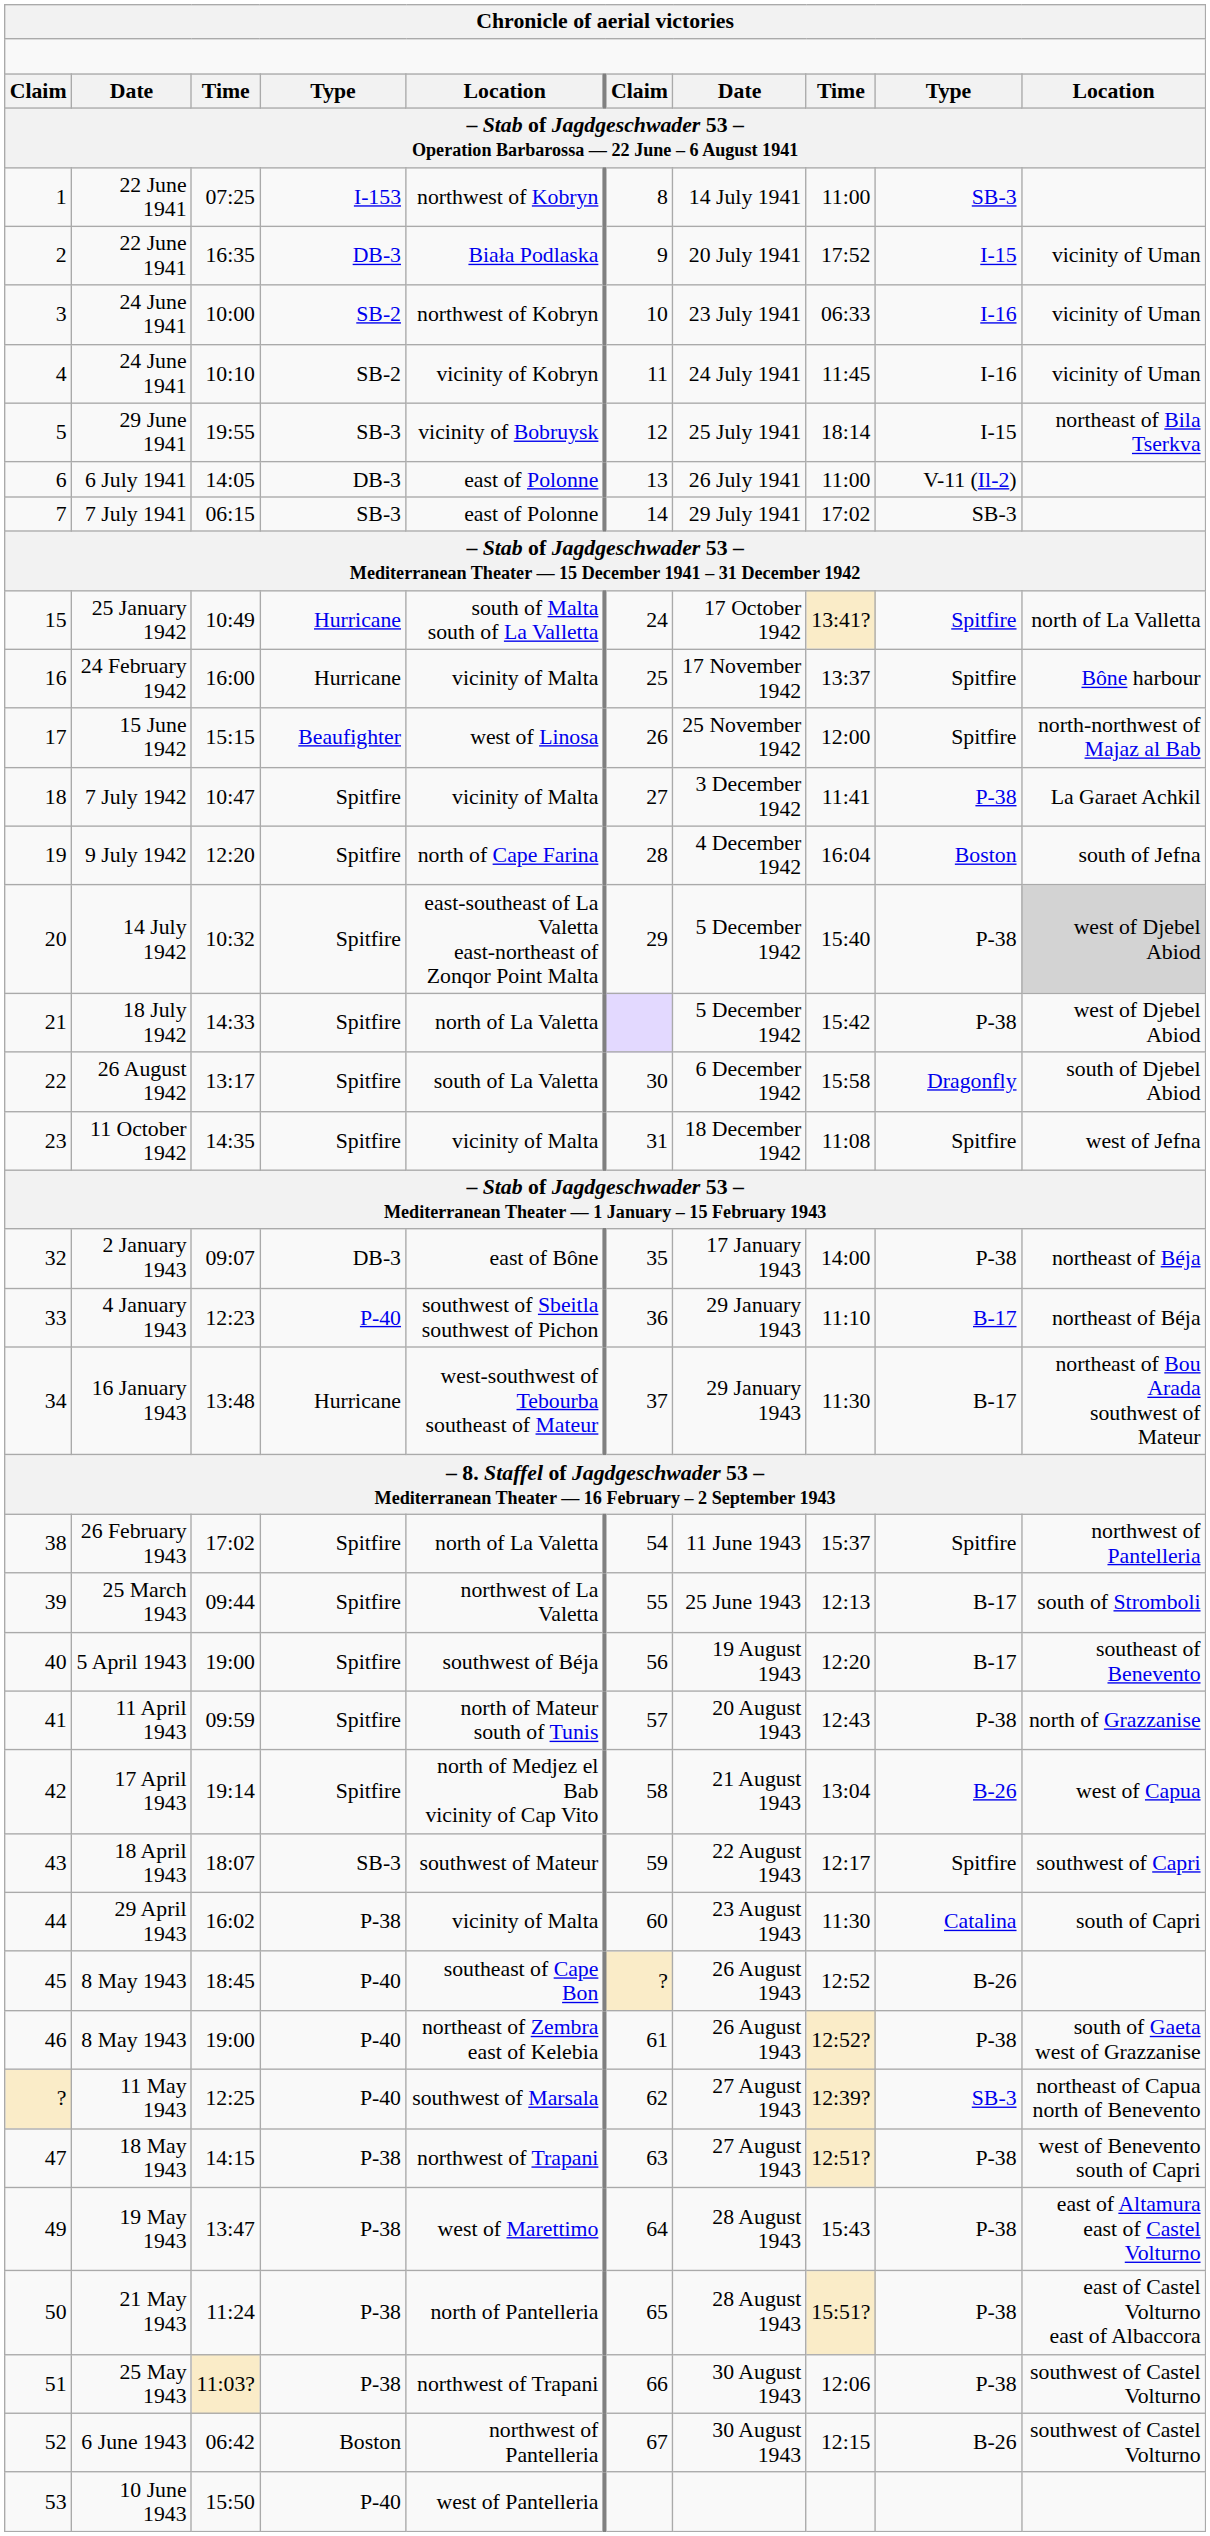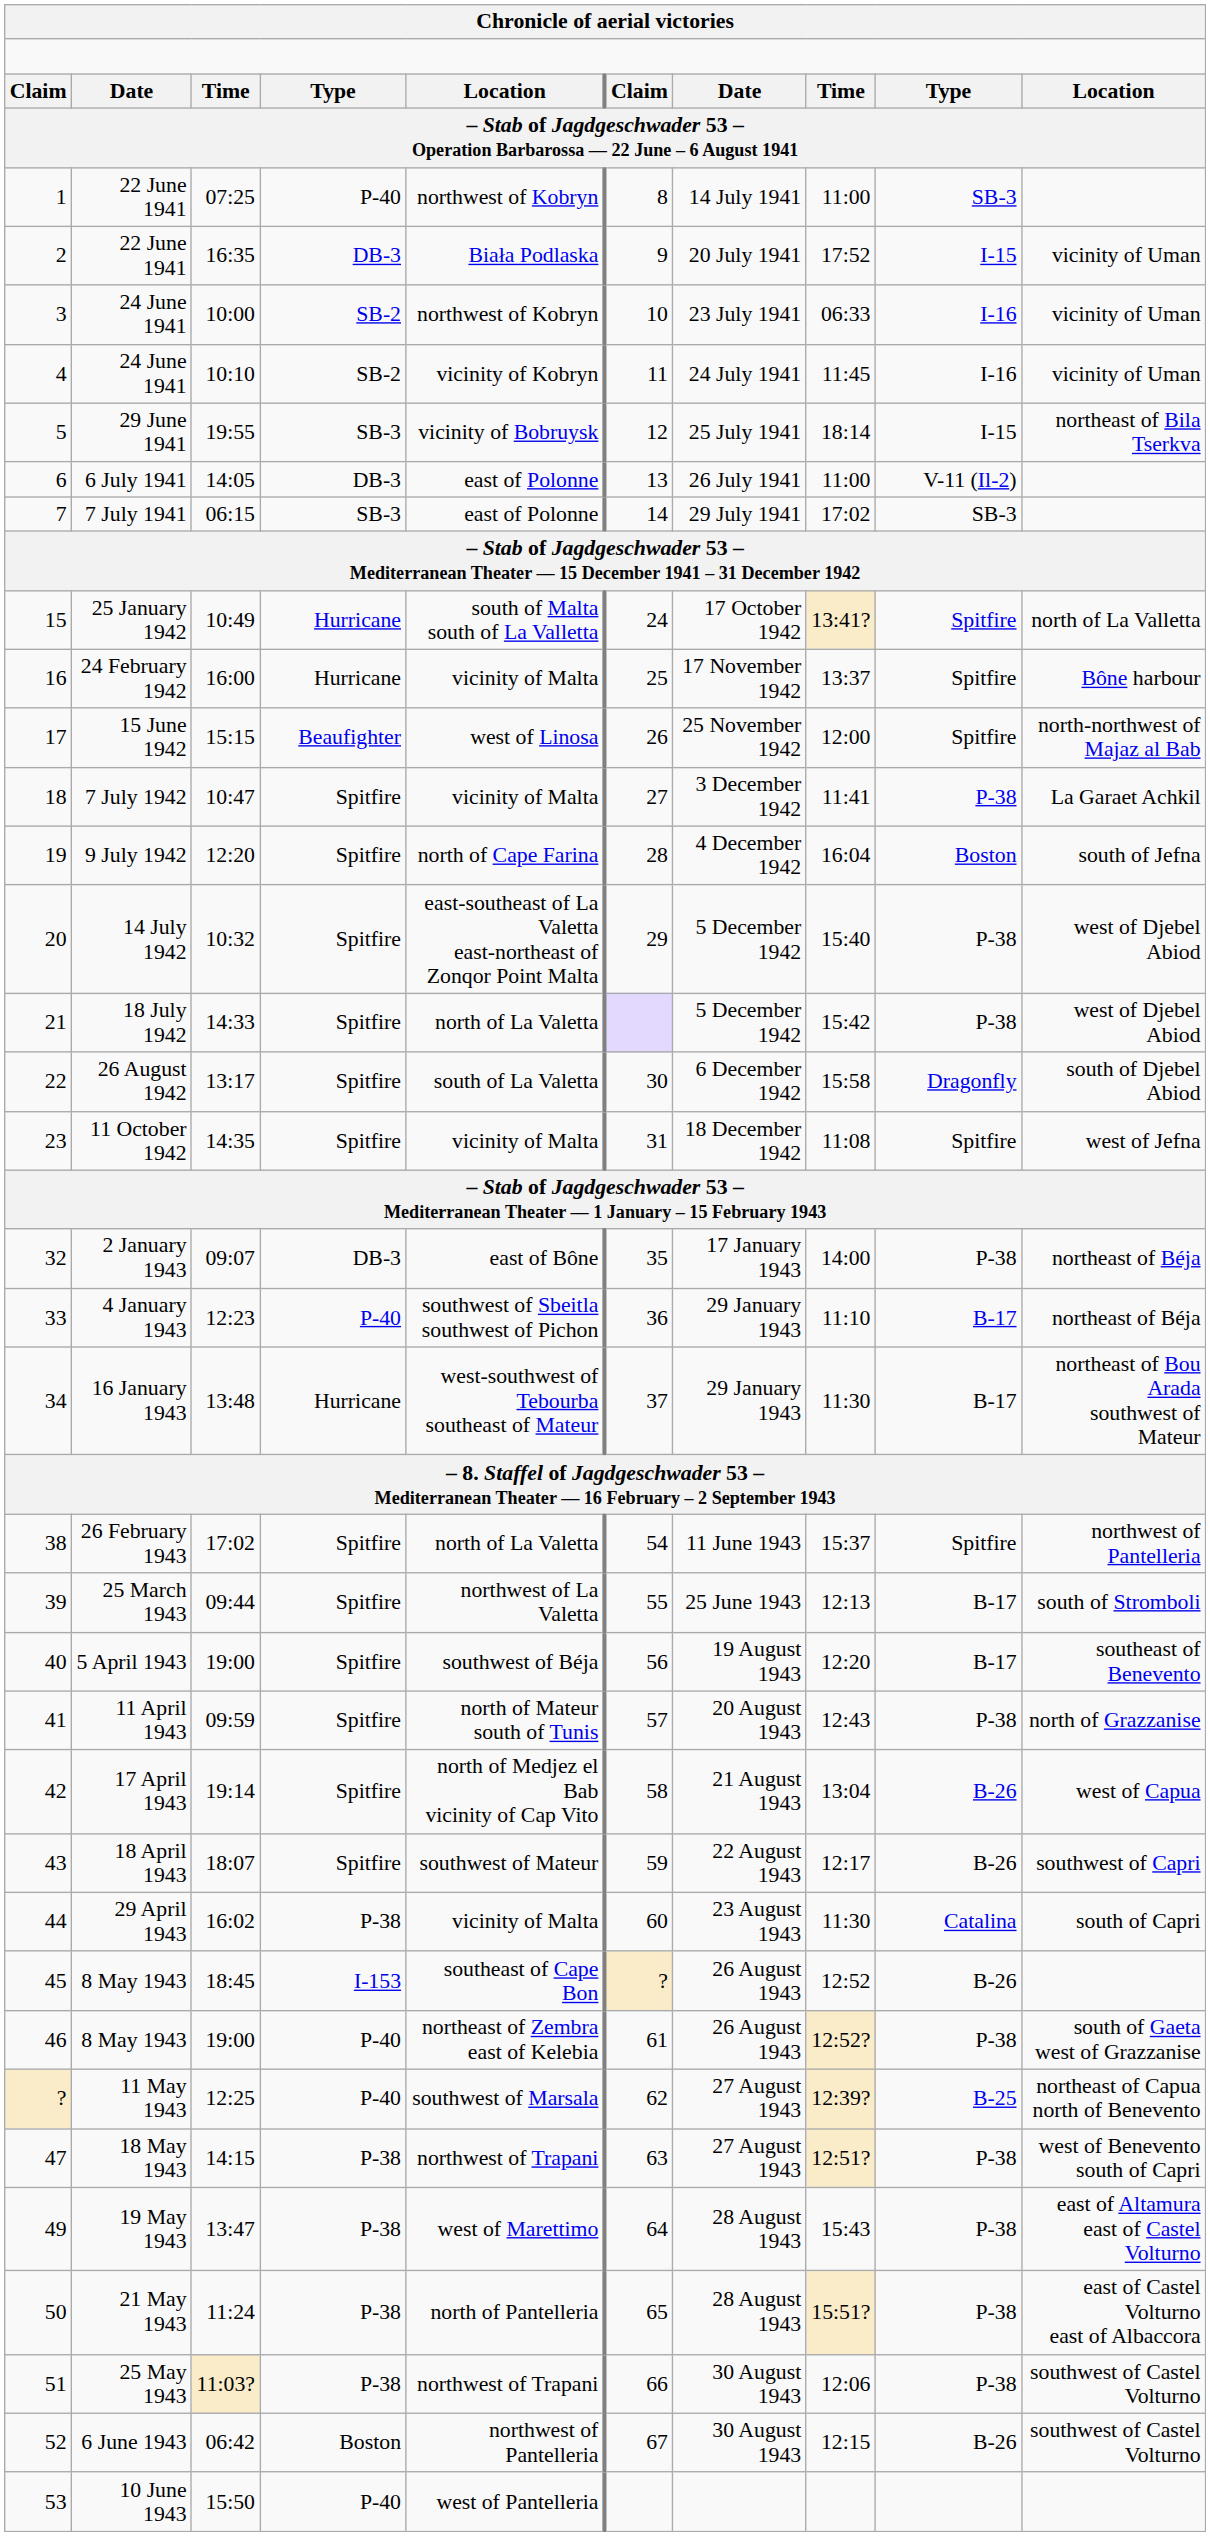 <table class="wikitable plainrowheaders collapsible" style="margin-left: auto; margin-right: auto; border: none; text-align:right; width: 100%;">
 <tr>
 <th colspan="10">Chronicle of aerial victories</th>
 </tr>
 <tr>
 <td colspan="10" style="text-align: left;"><br> </td>
 </tr>
 <tr>
 <th scope="col">Claim</th>
 <th scope="col">Date</th>
 <th scope="col">Time</th>
 <th scope="col" width="100px">Type</th>
 <th scope="col">Location</th>
 <th scope="col" style="border-left: 3px solid grey;">Claim</th>
 <th scope="col">Date</th>
 <th scope="col">Time</th>
 <th scope="col" width="100px">Type</th>
 <th scope="col">Location</th>
 </tr>
 <tr>
 <th colspan="10">– <em>Stab</em> of <em>Jagdgeschwader</em> 53 –<br><small>Operation Barbarossa — 22 June – 6 August 1941</small></th>
 </tr>
 <tr>
 <td>1</td>
 <td>22 June 1941</td>
 <td>07:25</td>
-<td><a href='#'>I-153</a></td>
+<td>P-40</td>
 <td>northwest of <a href='#'>Kobryn</a></td>
 <td style="border-left: 3px solid grey;">8</td>
 <td>14 July 1941</td>
 <td>11:00</td>
 <td><a href='#'>SB-3</a></td>
 <td></td>
 </tr>
 <tr>
 <td>2</td>
 <td>22 June 1941</td>
 <td>16:35</td>
 <td><a href='#'>DB-3</a></td>
 <td><a href='#'>Biała Podlaska</a></td>
 <td style="border-left: 3px solid grey;">9</td>
 <td>20 July 1941</td>
 <td>17:52</td>
 <td><a href='#'>I-15</a></td>
 <td>vicinity of Uman</td>
 </tr>
 <tr>
 <td>3</td>
 <td>24 June 1941</td>
 <td>10:00</td>
 <td><a href='#'>SB-2</a></td>
 <td>northwest of Kobryn</td>
 <td style="border-left: 3px solid grey;">10</td>
 <td>23 July 1941</td>
 <td>06:33</td>
 <td><a href='#'>I-16</a></td>
 <td>vicinity of Uman</td>
 </tr>
 <tr>
 <td>4</td>
 <td>24 June 1941</td>
 <td>10:10</td>
 <td>SB-2</td>
 <td>vicinity of Kobryn</td>
 <td style="border-left: 3px solid grey;">11</td>
 <td>24 July 1941</td>
 <td>11:45</td>
 <td>I-16</td>
 <td>vicinity of Uman</td>
 </tr>
 <tr>
 <td>5</td>
 <td>29 June 1941</td>
 <td>19:55</td>
 <td>SB-3</td>
 <td>vicinity of <a href='#'>Bobruysk</a></td>
 <td style="border-left: 3px solid grey;">12</td>
 <td>25 July 1941</td>
 <td>18:14</td>
 <td>I-15</td>
 <td>northeast of <a href='#'>Bila Tserkva</a></td>
 </tr>
 <tr>
 <td>6</td>
 <td>6 July 1941</td>
 <td>14:05</td>
 <td>DB-3</td>
 <td>east of <a href='#'>Polonne</a></td>
 <td style="border-left: 3px solid grey;">13</td>
 <td>26 July 1941</td>
 <td>11:00</td>
 <td>V-11 (<a href='#'>Il-2</a>)</td>
 <td></td>
 </tr>
 <tr>
 <td>7</td>
 <td>7 July 1941</td>
 <td>06:15</td>
 <td>SB-3</td>
 <td>east of Polonne</td>
 <td style="border-left: 3px solid grey;">14</td>
 <td>29 July 1941</td>
 <td>17:02</td>
 <td>SB-3</td>
 <td></td>
 </tr>
 <tr>
 <th colspan="10">– <em>Stab</em> of <em>Jagdgeschwader</em> 53 –<br><small>Mediterranean Theater — 15 December 1941 – 31 December 1942</small></th>
 </tr>
 <tr>
 <td>15</td>
 <td>25 January 1942</td>
 <td>10:49</td>
 <td><a href='#'>Hurricane</a></td>
 <td>south of <a href='#'>Malta</a><br>south of <a href='#'>La Valletta</a></td>
 <td style="border-left: 3px solid grey;">24</td>
 <td>17 October 1942</td>
 <td style="background:#faecc8">13:41?</td>
 <td><a href='#'>Spitfire</a></td>
 <td> north of La Valletta</td>
 </tr>
 <tr>
 <td>16</td>
 <td>24 February 1942</td>
 <td>16:00</td>
 <td>Hurricane</td>
 <td>vicinity of Malta</td>
 <td style="border-left: 3px solid grey;">25</td>
 <td>17 November 1942</td>
 <td>13:37</td>
 <td>Spitfire</td>
 <td><a href='#'>Bône</a> harbour</td>
 </tr>
 <tr>
 <td>17</td>
 <td>15 June 1942</td>
 <td>15:15</td>
 <td><a href='#'>Beaufighter</a></td>
 <td>west of <a href='#'>Linosa</a></td>
 <td style="border-left: 3px solid grey;">26</td>
 <td>25 November 1942</td>
 <td>12:00</td>
 <td>Spitfire</td>
 <td> north-northwest of <a href='#'>Majaz al Bab</a></td>
 </tr>
 <tr>
 <td>18</td>
 <td>7 July 1942</td>
 <td>10:47</td>
 <td>Spitfire</td>
 <td>vicinity of Malta</td>
 <td style="border-left: 3px solid grey;">27</td>
 <td>3 December 1942</td>
 <td>11:41</td>
 <td><a href='#'>P-38</a></td>
 <td>La Garaet Achkil</td>
 </tr>
 <tr>
 <td>19</td>
 <td>9 July 1942</td>
 <td>12:20</td>
 <td>Spitfire</td>
 <td> north of <a href='#'>Cape Farina</a></td>
 <td style="border-left: 3px solid grey;">28</td>
 <td>4 December 1942</td>
 <td>16:04</td>
 <td><a href='#'>Boston</a></td>
 <td> south of Jefna</td>
 </tr>
 <tr>
 <td>20</td>
 <td>14 July 1942</td>
 <td>10:32</td>
 <td>Spitfire</td>
 <td> east-southeast of La Valetta<br> east-northeast of Zonqor Point Malta</td>
 <td style="border-left: 3px solid grey;">29</td>
 <td>5 December 1942</td>
 <td>15:40</td>
 <td>P-38</td>
-<td style="background: lightgrey;"> west of Djebel Abiod</td>
+<td> west of Djebel Abiod</td>
 </tr>
 <tr>
 <td>21</td>
 <td>18 July 1942</td>
 <td>14:33</td>
 <td>Spitfire</td>
 <td> north of La Valetta</td>
 <td style="border-left: 3px solid grey; background:#e3d9ff;"></td>
 <td>5 December 1942</td>
 <td>15:42</td>
 <td>P-38</td>
 <td>west of Djebel Abiod</td>
 </tr>
 <tr>
 <td>22</td>
 <td>26 August 1942</td>
 <td>13:17</td>
 <td>Spitfire</td>
 <td> south of La Valetta</td>
 <td style="border-left: 3px solid grey;">30</td>
 <td>6 December 1942</td>
 <td>15:58</td>
 <td><a href='#'>Dragonfly</a></td>
 <td> south of Djebel Abiod</td>
 </tr>
 <tr>
 <td>23</td>
 <td>11 October 1942</td>
 <td>14:35</td>
 <td>Spitfire</td>
 <td>vicinity of Malta</td>
 <td style="border-left: 3px solid grey;">31</td>
 <td>18 December 1942</td>
 <td>11:08</td>
 <td>Spitfire</td>
 <td> west of Jefna</td>
 </tr>
 <tr>
 <th colspan="10">– <em>Stab</em> of <em>Jagdgeschwader</em> 53 –<br><small>Mediterranean Theater — 1 January – 15 February 1943</small></th>
 </tr>
 <tr>
 <td>32</td>
 <td>2 January 1943</td>
 <td>09:07</td>
 <td>DB-3</td>
 <td> east of Bône</td>
 <td style="border-left: 3px solid grey;">35</td>
 <td>17 January 1943</td>
 <td>14:00</td>
 <td>P-38</td>
 <td> northeast of <a href='#'>Béja</a></td>
 </tr>
 <tr>
 <td>33</td>
 <td>4 January 1943</td>
 <td>12:23</td>
 <td><a href='#'>P-40</a></td>
 <td> southwest of <a href='#'>Sbeitla</a><br>southwest of Pichon</td>
 <td style="border-left: 3px solid grey;">36</td>
 <td>29 January 1943</td>
 <td>11:10</td>
 <td><a href='#'>B-17</a></td>
 <td> northeast of Béja</td>
 </tr>
 <tr>
 <td>34</td>
 <td>16 January 1943</td>
 <td>13:48</td>
 <td>Hurricane</td>
 <td> west-southwest of <a href='#'>Tebourba</a><br> southeast of <a href='#'>Mateur</a></td>
 <td style="border-left: 3px solid grey;">37</td>
 <td>29 January 1943</td>
 <td>11:30</td>
 <td>B-17</td>
 <td> northeast of <a href='#'>Bou Arada</a><br> southwest of Mateur</td>
 </tr>
 <tr>
 <th colspan="10">– 8. <em>Staffel</em> of <em>Jagdgeschwader</em> 53 –<br><small>Mediterranean Theater — 16 February – 2 September 1943</small></th>
 </tr>
 <tr>
 <td>38</td>
 <td>26 February 1943</td>
 <td>17:02</td>
 <td>Spitfire</td>
 <td> north of La Valetta</td>
 <td style="border-left: 3px solid grey;">54</td>
 <td>11 June 1943</td>
 <td>15:37</td>
 <td>Spitfire</td>
 <td> northwest of <a href='#'>Pantelleria</a></td>
 </tr>
 <tr>
 <td>39</td>
 <td>25 March 1943</td>
 <td>09:44</td>
 <td>Spitfire</td>
 <td> northwest of La Valetta</td>
 <td style="border-left: 3px solid grey;">55</td>
 <td>25 June 1943</td>
 <td>12:13</td>
 <td>B-17</td>
 <td> south of <a href='#'>Stromboli</a></td>
 </tr>
 <tr>
 <td>40</td>
 <td>5 April 1943</td>
 <td>19:00</td>
 <td>Spitfire</td>
 <td>southwest of Béja</td>
 <td style="border-left: 3px solid grey;">56</td>
 <td>19 August 1943</td>
 <td>12:20</td>
 <td>B-17</td>
 <td> southeast of <a href='#'>Benevento</a></td>
 </tr>
 <tr>
 <td>41</td>
 <td>11 April 1943</td>
 <td>09:59</td>
 <td>Spitfire</td>
 <td> north of Mateur<br> south of <a href='#'>Tunis</a></td>
 <td style="border-left: 3px solid grey;">57</td>
 <td>20 August 1943</td>
 <td>12:43</td>
 <td>P-38</td>
 <td> north of <a href='#'>Grazzanise</a></td>
 </tr>
 <tr>
 <td>42</td>
 <td>17 April 1943</td>
 <td>19:14</td>
 <td>Spitfire</td>
 <td> north of Medjez el Bab<br>vicinity of Cap Vito</td>
 <td style="border-left: 3px solid grey;">58</td>
 <td>21 August 1943</td>
 <td>13:04</td>
 <td><a href='#'>B-26</a></td>
 <td> west of <a href='#'>Capua</a></td>
 </tr>
 <tr>
 <td>43</td>
 <td>18 April 1943</td>
 <td>18:07</td>
-<td>SB-3</td>
+<td>Spitfire</td>
 <td> southwest of Mateur</td>
 <td style="border-left: 3px solid grey;">59</td>
 <td>22 August 1943</td>
 <td>12:17</td>
-<td>Spitfire</td>
+<td>B-26</td>
 <td> southwest of <a href='#'>Capri</a></td>
 </tr>
 <tr>
 <td>44</td>
 <td>29 April 1943</td>
 <td>16:02</td>
 <td>P-38</td>
 <td>vicinity of Malta</td>
 <td style="border-left: 3px solid grey;">60</td>
 <td>23 August 1943</td>
 <td>11:30</td>
 <td><a href='#'>Catalina</a></td>
 <td>south of Capri</td>
 </tr>
 <tr>
 <td>45</td>
 <td>8 May 1943</td>
 <td>18:45</td>
-<td>P-40</td>
+<td><a href='#'>I-153</a></td>
 <td> southeast of <a href='#'>Cape Bon</a></td>
 <td style="border-left: 3px solid grey; background:#faecc8">?</td>
 <td>26 August 1943</td>
 <td>12:52</td>
 <td>B-26</td>
 <td></td>
 </tr>
 <tr>
 <td>46</td>
 <td>8 May 1943</td>
 <td>19:00</td>
 <td>P-40</td>
 <td> northeast of <a href='#'>Zembra</a><br> east of Kelebia</td>
 <td style="border-left: 3px solid grey;">61</td>
 <td>26 August 1943</td>
 <td style="background:#faecc8">12:52?</td>
 <td>P-38</td>
 <td> south of <a href='#'>Gaeta</a><br> west of Grazzanise</td>
 </tr>
 <tr>
 <td style="background:#faecc8">?</td>
 <td>11 May 1943</td>
 <td>12:25</td>
 <td>P-40</td>
 <td> southwest of <a href='#'>Marsala</a></td>
 <td style="border-left: 3px solid grey;">62</td>
 <td>27 August 1943</td>
 <td style="background:#faecc8">12:39?</td>
-<td><a href='#'>SB-3</a></td>
+<td><a href='#'>B-25</a></td>
 <td> northeast of Capua<br> north of Benevento</td>
 </tr>
 <tr>
 <td>47</td>
 <td>18 May 1943</td>
 <td>14:15</td>
 <td>P-38</td>
 <td>northwest of <a href='#'>Trapani</a></td>
 <td style="border-left: 3px solid grey;">63</td>
 <td>27 August 1943</td>
 <td style="background:#faecc8">12:51?</td>
 <td>P-38</td>
 <td> west of Benevento<br> south of Capri</td>
 </tr>
 <tr>
 <td>49</td>
 <td>19 May 1943</td>
 <td>13:47</td>
 <td>P-38</td>
 <td> west of <a href='#'>Marettimo</a></td>
 <td style="border-left: 3px solid grey;">64</td>
 <td>28 August 1943</td>
 <td>15:43</td>
 <td>P-38</td>
 <td> east of <a href='#'>Altamura</a><br>east of <a href='#'>Castel Volturno</a></td>
 </tr>
 <tr>
 <td>50</td>
 <td>21 May 1943</td>
 <td>11:24</td>
 <td>P-38</td>
 <td> north of Pantelleria</td>
 <td style="border-left: 3px solid grey;">65</td>
 <td>28 August 1943</td>
 <td style="background:#faecc8">15:51?</td>
 <td>P-38</td>
 <td>east of Castel Volturno<br> east of Albaccora</td>
 </tr>
 <tr>
 <td>51</td>
 <td>25 May 1943</td>
 <td style="background:#faecc8">11:03?</td>
 <td>P-38</td>
 <td> northwest of Trapani</td>
 <td style="border-left: 3px solid grey;">66</td>
 <td>30 August 1943</td>
 <td>12:06</td>
 <td>P-38</td>
 <td>southwest of Castel Volturno</td>
 </tr>
 <tr>
 <td>52</td>
 <td>6 June 1943</td>
 <td>06:42</td>
 <td>Boston</td>
 <td> northwest of Pantelleria</td>
 <td style="border-left: 3px solid grey;">67</td>
 <td>30 August 1943</td>
 <td>12:15</td>
 <td>B-26</td>
 <td>southwest of Castel Volturno</td>
 </tr>
 <tr>
 <td>53</td>
 <td>10 June 1943</td>
 <td>15:50</td>
 <td>P-40</td>
 <td> west of Pantelleria</td>
 <td style="border-left: 3px solid grey;"></td>
 <td></td>
 <td></td>
 <td></td>
 <td></td>
 </tr>
 </table>
